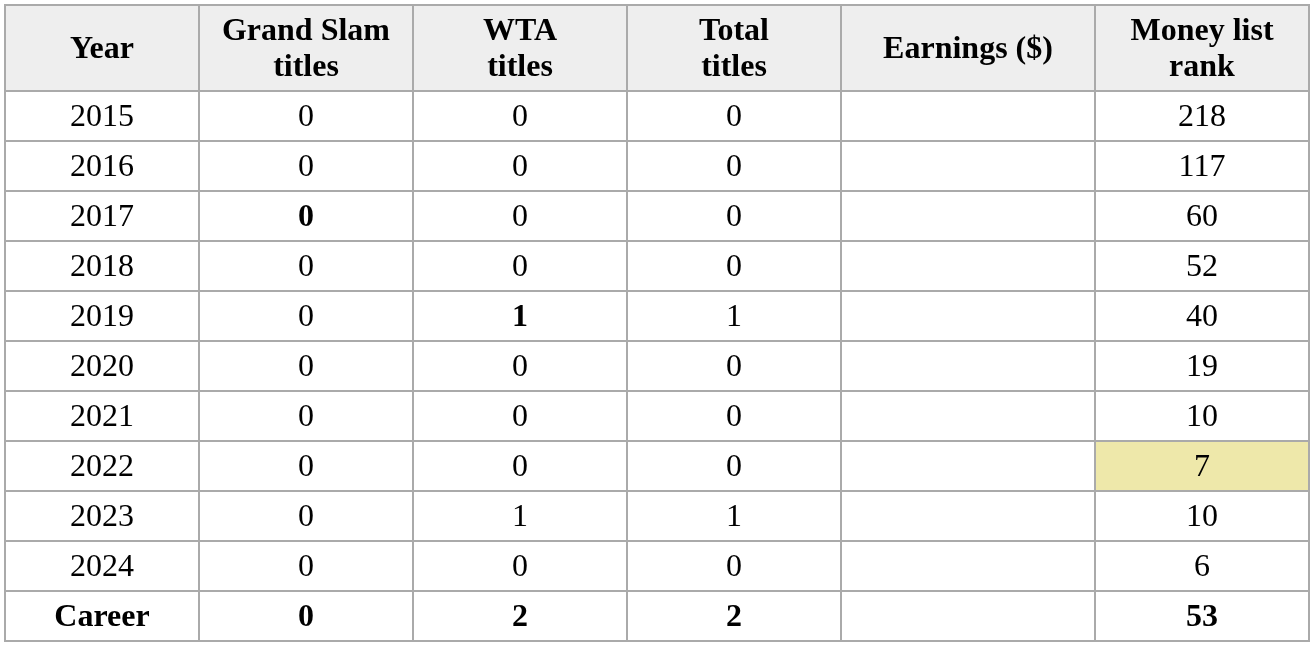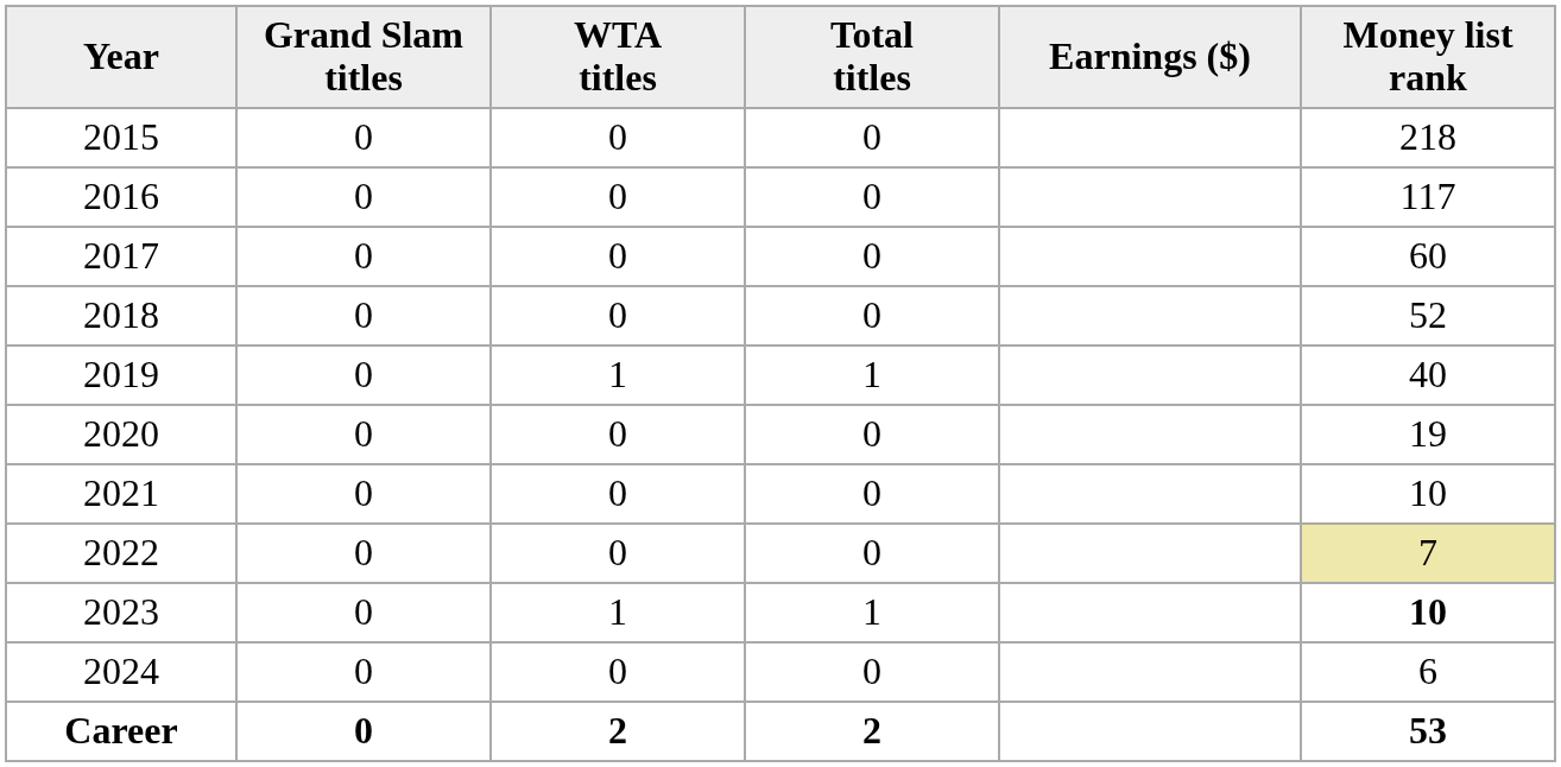 <table cellpadding=3 cellspacing=0 border=1 style=border:#aaa;solid:1px;border-collapse:collapse;text-align:center;>
 <tr style=background:#eee;font-weight:bold>
 <td width="90">Year</td>
 <td width="100">Grand Slam <br>titles</td>
 <td width="100">WTA <br>titles</td>
 <td width="100">Total <br>titles</td>
 <td width="120">Earnings ($)</td>
 <td width="100">Money list rank</td>
 </tr>
 <tr>
 <td>2015</td>
 <td>0</td>
 <td>0</td>
 <td>0</td>
 <td align=right></td>
 <td>218</td>
 </tr>
 <tr>
 <td>2016</td>
 <td>0</td>
 <td>0</td>
 <td>0</td>
 <td align=right></td>
 <td>117</td>
 </tr>
 <tr>
 <td>2017</td>
-<td><strong>0</strong></td>
+<td>0</td>
 <td>0</td>
 <td>0</td>
 <td align=right></td>
 <td>60</td>
 </tr>
 <tr>
 <td>2018</td>
 <td>0</td>
 <td>0</td>
 <td>0</td>
 <td align=right></td>
 <td>52</td>
 </tr>
 <tr>
 <td>2019</td>
 <td>0</td>
-<td><strong>1</strong></td>
+<td>1</td>
 <td>1</td>
 <td align=right></td>
 <td>40</td>
 </tr>
 <tr>
 <td>2020</td>
 <td>0</td>
 <td>0</td>
 <td>0</td>
 <td align=right></td>
 <td>19</td>
 </tr>
 <tr>
 <td>2021</td>
 <td>0</td>
 <td>0</td>
 <td>0</td>
 <td align=right></td>
 <td>10</td>
 </tr>
 <tr>
 <td>2022</td>
 <td>0</td>
 <td>0</td>
 <td>0</td>
 <td align=right></td>
 <td bgcolor=eee8aa>7</td>
 </tr>
 <tr>
 <td>2023</td>
 <td>0</td>
 <td>1</td>
 <td>1</td>
 <td align=right></td>
-<td>10</td>
+<td><strong>10</strong></td>
 </tr>
 <tr>
 <td>2024</td>
 <td>0</td>
 <td>0</td>
 <td>0</td>
 <td align=right></td>
 <td>6</td>
 </tr>
 <tr style="font-weight:bold">
 <td>Career</td>
 <td>0</td>
 <td>2</td>
 <td>2</td>
 <td align="right"></td>
 <td>53</td>
 </tr>
 </table>
